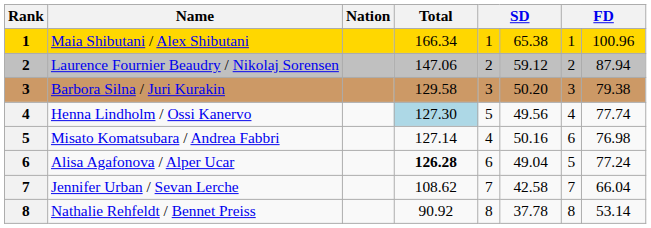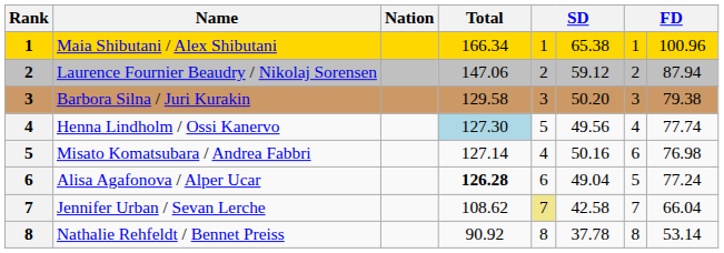 <table class="wikitable sortable">
 <tr>
 <th>Rank</th>
 <th>Name</th>
 <th>Nation</th>
 <th width="80px">Total</th>
 <th colspan="2" width="80px"><a href='#'>SD</a></th>
 <th colspan="2" width="80px"><a href='#'>FD</a></th>
 </tr>
 <tr bgcolor="gold">
 <td align="center"><strong>1</strong></td>
 <td><a href='#'>Maia Shibutani</a> / <a href='#'>Alex Shibutani</a></td>
 <td></td>
 <td align="center">166.34</td>
 <td align="center">1</td>
 <td align="center">65.38</td>
 <td align="center">1</td>
 <td align="center">100.96</td>
 </tr>
 <tr bgcolor="silver">
 <td align="center"><strong>2</strong></td>
 <td><a href='#'>Laurence Fournier Beaudry</a> / <a href='#'>Nikolaj Sorensen</a></td>
 <td></td>
 <td align="center">147.06</td>
 <td align="center">2</td>
 <td align="center">59.12</td>
 <td align="center">2</td>
 <td align="center">87.94</td>
 </tr>
 <tr bgcolor="cc9966">
 <td align="center"><strong>3</strong></td>
 <td><a href='#'>Barbora Silna</a> / <a href='#'>Juri Kurakin</a></td>
 <td></td>
 <td align="center">129.58</td>
 <td align="center">3</td>
 <td align="center">50.20</td>
 <td align="center">3</td>
 <td align="center">79.38</td>
 </tr>
 <tr>
 <th>4</th>
 <td><a href='#'>Henna Lindholm</a> / <a href='#'>Ossi Kanervo</a></td>
 <td></td>
 <td align="center" style="background: lightblue;">127.30</td>
 <td align="center">5</td>
 <td align="center">49.56</td>
 <td align="center">4</td>
 <td align="center">77.74</td>
 </tr>
 <tr>
 <th>5</th>
 <td><a href='#'>Misato Komatsubara</a> / <a href='#'>Andrea Fabbri</a></td>
 <td></td>
 <td align="center">127.14</td>
 <td align="center">4</td>
 <td align="center">50.16</td>
 <td align="center">6</td>
 <td align="center">76.98</td>
 </tr>
 <tr>
 <th>6</th>
 <td><a href='#'>Alisa Agafonova</a> / <a href='#'>Alper Ucar</a></td>
 <td></td>
 <td align="center"><strong>126.28</strong></td>
 <td align="center">6</td>
 <td align="center">49.04</td>
 <td align="center">5</td>
 <td align="center">77.24</td>
 </tr>
 <tr>
 <th>7</th>
 <td><a href='#'>Jennifer Urban</a> / <a href='#'>Sevan Lerche</a></td>
 <td></td>
 <td align="center">108.62</td>
-<td align="center">7</td>
+<td align="center" style="background: khaki;">7</td>
 <td align="center">42.58</td>
 <td align="center">7</td>
 <td align="center">66.04</td>
 </tr>
 <tr>
 <th>8</th>
 <td><a href='#'>Nathalie Rehfeldt</a> / <a href='#'>Bennet Preiss</a></td>
 <td></td>
 <td align="center">90.92</td>
 <td align="center">8</td>
 <td align="center">37.78</td>
 <td align="center">8</td>
 <td align="center">53.14</td>
 </tr>
 </table>
